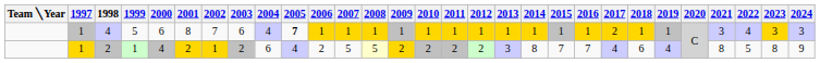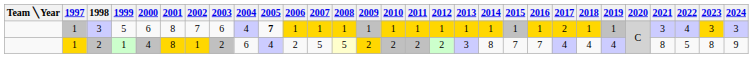 <table class=wikitable style="text-align:center; font-size:90%;">
 <tr>
 <th>Team ╲ Year</th>
 <th><a href='#'>1997</a></th>
 <th>1998</th>
 <th><a href='#'>1999</a></th>
 <th><a href='#'>2000</a></th>
 <th><a href='#'>2001</a></th>
 <th><a href='#'>2002</a></th>
 <th><a href='#'>2003</a></th>
 <th><a href='#'>2004</a></th>
 <th><a href='#'>2005</a></th>
 <th><a href='#'>2006</a></th>
 <th><a href='#'>2007</a></th>
 <th><a href='#'>2008</a></th>
 <th><a href='#'>2009</a></th>
 <th><a href='#'>2010</a></th>
 <th><a href='#'>2011</a></th>
 <th><a href='#'>2012</a></th>
 <th><a href='#'>2013</a></th>
 <th><a href='#'>2014</a></th>
 <th><a href='#'>2015</a></th>
 <th><a href='#'>2016</a></th>
 <th><a href='#'>2017</a></th>
 <th><a href='#'>2018</a></th>
 <th><a href='#'>2019</a></th>
 <th><a href='#'>2020</a></th>
 <th><a href='#'>2021</a></th>
 <th><a href='#'>2022</a></th>
 <th><a href='#'>2023</a></th>
 <th><a href='#'>2024</a></th>
 </tr>
 <tr>
 <td align=left><strong></strong></td>
 <td bgcolor=silver>1</td>
-<td bgcolor=ccccff>4</td>
+<td bgcolor=ccccff>3</td>
 <td>5</td>
 <td>6</td>
 <td>8</td>
 <td>7</td>
 <td>6</td>
 <td bgcolor=ccccff>4</td>
 <td><strong>7</strong></td>
 <td bgcolor=gold>1</td>
 <td bgcolor=gold>1</td>
 <td bgcolor=gold>1</td>
 <td bgcolor=silver>1</td>
 <td bgcolor=gold>1</td>
 <td bgcolor=gold>1</td>
 <td bgcolor=gold>1</td>
 <td bgcolor=gold>1</td>
 <td bgcolor=gold>1</td>
 <td bgcolor=silver>1</td>
 <td bgcolor=gold>1</td>
 <td bgcolor=gold>2</td>
 <td bgcolor=gold>1</td>
 <td bgcolor=silver>1</td>
 <td bgcolor=D3D3D3 rowspan=2>C</td>
 <td bgcolor=CCCCFF>3</td>
 <td bgcolor=CCCCFF>4</td>
 <td bgcolor=gold>3</td>
 <td bgcolor=CCCCFF>3</td>
 </tr>
 <tr>
 <td align=left><strong></strong></td>
 <td bgcolor=gold>1</td>
 <td bgcolor=silver>2</td>
 <td bgcolor=CCFFCC>1</td>
 <td bgcolor=silver>4</td>
-<td bgcolor=gold>2</td>
+<td bgcolor=gold>8</td>
 <td bgcolor=gold>1</td>
 <td bgcolor=silver>2</td>
 <td>6</td>
 <td bgcolor=ccccff>4</td>
 <td>2</td>
 <td>5</td>
 <td bgcolor=FFFFCC>5</td>
 <td bgcolor=gold>2</td>
 <td bgcolor=silver>2</td>
 <td bgcolor=silver>2</td>
 <td bgcolor=CCFFCC>2</td>
 <td bgcolor=CCCCFF>3</td>
 <td>8</td>
 <td>7</td>
 <td>7</td>
 <td bgcolor=ccccff>4</td>
-<td>6</td>
+<td>4</td>
 <td bgcolor=ccccff>4</td>
 <td>8</td>
 <td>5</td>
 <td>8</td>
 <td>9</td>
 </tr>
 </table>
